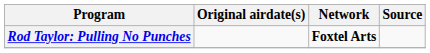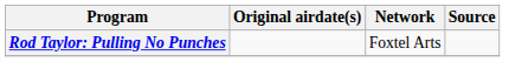 <table class="wikitable plainrowheaders sortable" style="text-align:center">
 <tr>
 <th>Program</th>
 <th>Original airdate(s)</th>
 <th>Network</th>
 <th class="unsortable">Source</th>
 </tr>
 <tr>
 <th scope="row"><em><a href='#'>Rod Taylor: Pulling No Punches</a></em></th>
 <td></td>
-<td><strong>Foxtel Arts</strong></td>
+<td>Foxtel Arts</td>
 <td></td>
 </tr>
 <tr>
 </tr>
 </table>
